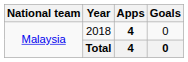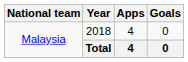 <table class="wikitable" style="text-align:center">
 <tr>
 <th>National team</th>
 <th>Year</th>
 <th>Apps</th>
 <th>Goals</th>
 </tr>
 <tr>
 <td rowspan=2><a href='#'>Malaysia</a></td>
 <td>2018</td>
-<td><strong>4</strong></td>
+<td>4</td>
 <td>0</td>
 </tr>
 <tr>
 <th colspan=1>Total</th>
 <th>4</th>
 <th>0</th>
 </tr>
 </table>
